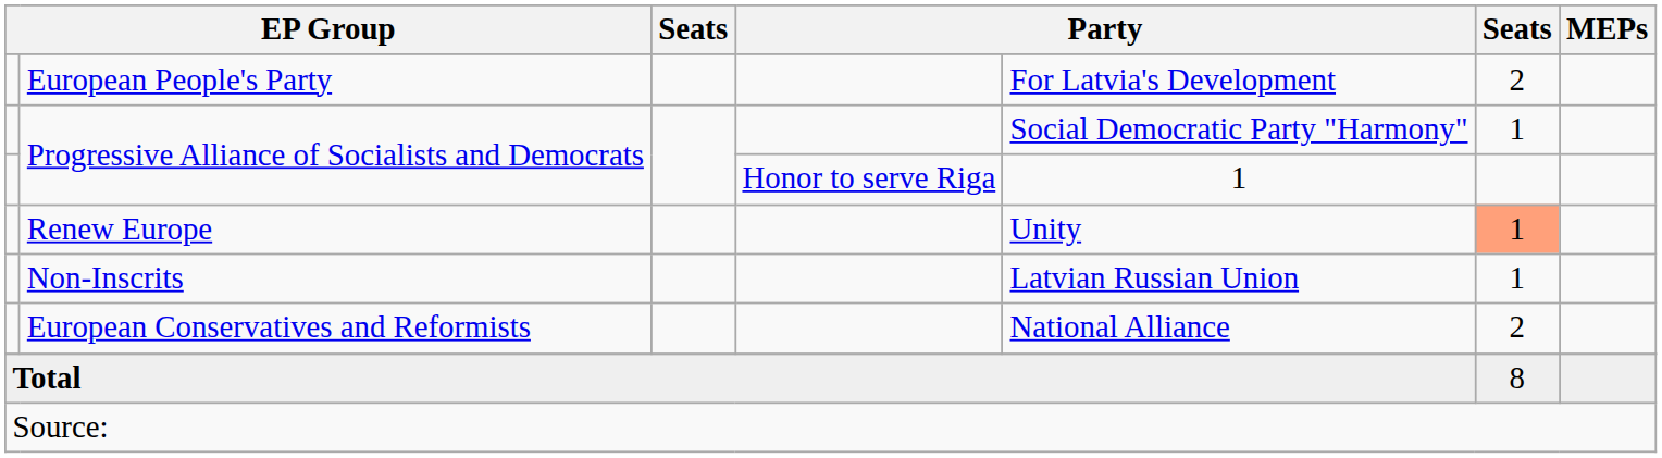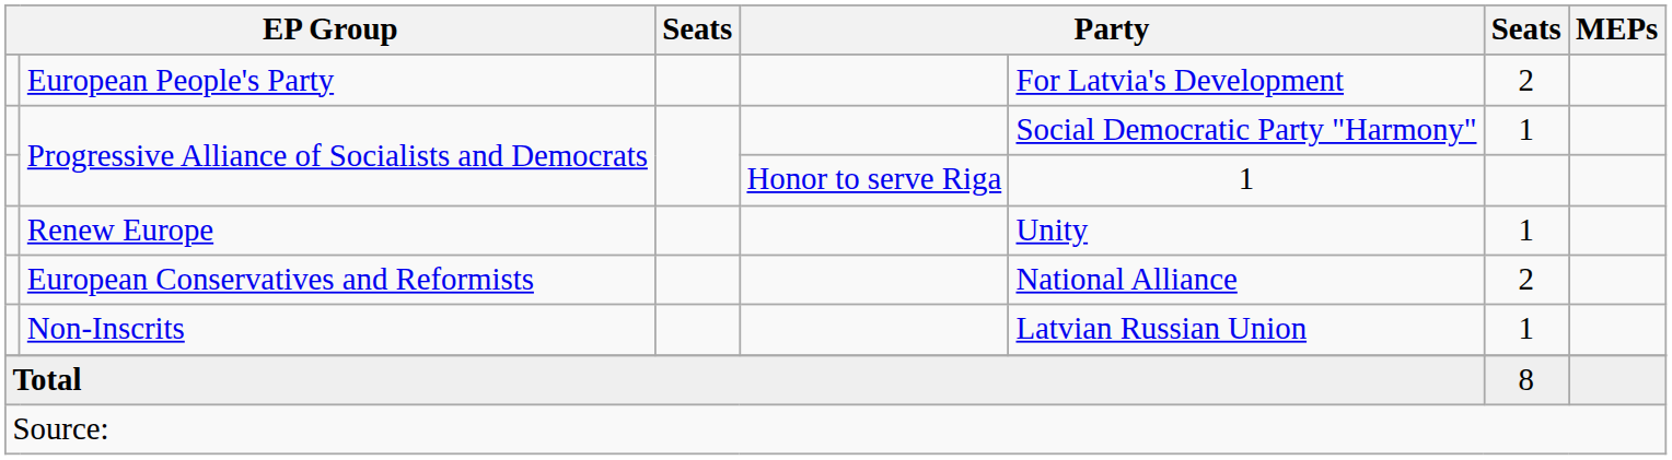 <table class="wikitable">
 <tr>
 <th colspan=2>EP Group</th>
 <th>Seats</th>
 <th colspan=2>Party</th>
 <th>Seats</th>
 <th>MEPs</th>
 </tr>
 <tr>
 <td></td>
 <td><a href='#'>European People's Party</a></td>
 <td></td>
 <td></td>
 <td><a href='#'>For Latvia's Development</a></td>
 <td align=center>2</td>
 <td></td>
 </tr>
 <tr>
 <td></td>
 <td rowspan="2"><a href='#'>Progressive Alliance of Socialists and Democrats</a></td>
 <td rowspan="2"></td>
 <td></td>
 <td><a href='#'>Social Democratic Party "Harmony"</a></td>
 <td align=center>1</td>
 <td></td>
 </tr>
 <tr>
 <td></td>
 <td><a href='#'>Honor to serve Riga</a></td>
 <td align=center>1</td>
 <td></td>
 </tr>
 <tr>
 <td></td>
 <td><a href='#'>Renew Europe</a></td>
 <td></td>
 <td></td>
 <td><a href='#'>Unity</a></td>
-<td align=center style="background: lightsalmon;">1</td>
-<td></td>
-</tr>
-<tr>
-<td></td>
-<td><a href='#'>Non-Inscrits</a></td>
-<td></td>
-<td></td>
-<td><a href='#'>Latvian Russian Union</a></td>
 <td align=center>1</td>
 <td></td>
 </tr>
 <tr>
 <td></td>
 <td><a href='#'>European Conservatives and Reformists</a></td>
 <td></td>
 <td></td>
 <td><a href='#'>National Alliance</a></td>
 <td align=center>2</td>
 <td></td>
 </tr>
 <tr>
+<td></td>
+<td><a href='#'>Non-Inscrits</a></td>
+<td></td>
+<td></td>
+<td><a href='#'>Latvian Russian Union</a></td>
+<td align=center>1</td>
+<td></td>
+</tr>
+<tr>
 </tr>
 <tr bgcolor="EFEFEF">
 <td colspan=5 align=left><strong>Total</strong></td>
 <td align=center>8</td>
 <td></td>
 </tr>
 <tr>
 <td colspan="7">Source: </td>
 </tr>
 </table>
